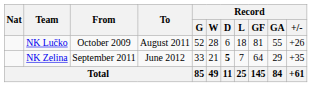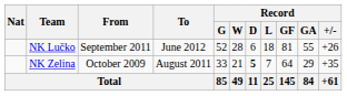 <table class="wikitable" style="text-align: center">
 <tr>
 <th rowspan="2">Nat</th>
 <th rowspan="2">Team</th>
 <th rowspan="2">From</th>
 <th rowspan="2">To</th>
 <th colspan="8">Record</th>
 </tr>
 <tr>
 <th>G</th>
 <th>W</th>
 <th>D</th>
 <th>L</th>
 <th>GF</th>
 <th>GA</th>
 <th>+/-</th>
 </tr>
 <tr>
 <td></td>
 <td><a href='#'>NK Lučko</a></td>
-<td align="center">October 2009</td>
-<td align="left">August 2011</td>
+<td align="left">September 2011</td>
+<td align="center">June 2012</td>
 <td>52</td>
 <td>28</td>
 <td>6</td>
 <td>18</td>
 <td>81</td>
 <td>55</td>
 <td>+26</td>
 </tr>
 <tr>
 <td></td>
 <td><a href='#'>NK Zelina</a></td>
-<td align="left">September 2011</td>
-<td align="center">June 2012</td>
+<td align="center">October 2009</td>
+<td align="left">August 2011</td>
 <td>33</td>
 <td>21</td>
 <td><strong>5</strong></td>
 <td>7</td>
 <td>64</td>
 <td>29</td>
 <td>+35</td>
 </tr>
 <tr>
 <th colspan="4">Total</th>
 <th>85</th>
 <th>49</th>
 <th>11</th>
 <th>25</th>
 <th>145</th>
 <th>84</th>
 <th>+61</th>
 </tr>
 </table>
